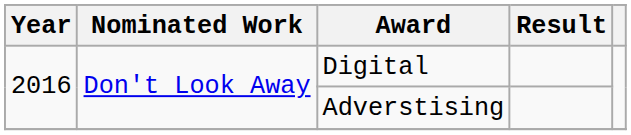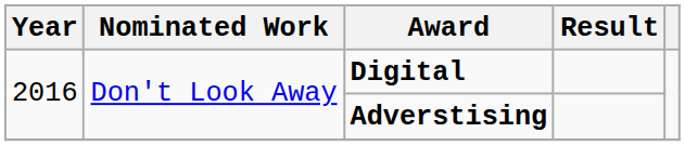 <table class="wikitable">
 <tr>
 <th>Year</th>
 <th>Nominated Work</th>
 <th>Award</th>
 <th>Result</th>
 <th></th>
 </tr>
 <tr>
 <td rowspan="2">2016</td>
 <td rowspan="2"><a href='#'>Don't Look Away</a></td>
-<td>Digital</td>
+<td><strong>Digital</strong></td>
 <td></td>
 <td style="text-align:center;" rowspan="2"></td>
 </tr>
 <tr>
-<td>Adverstising</td>
+<td><strong>Adverstising</strong></td>
 <td></td>
 </tr>
 <tr>
 </tr>
 </table>
